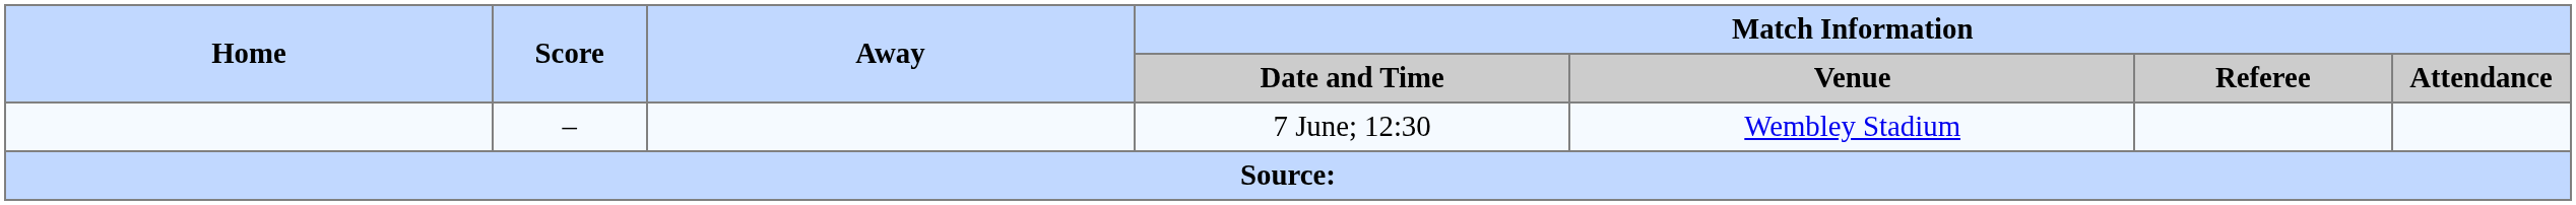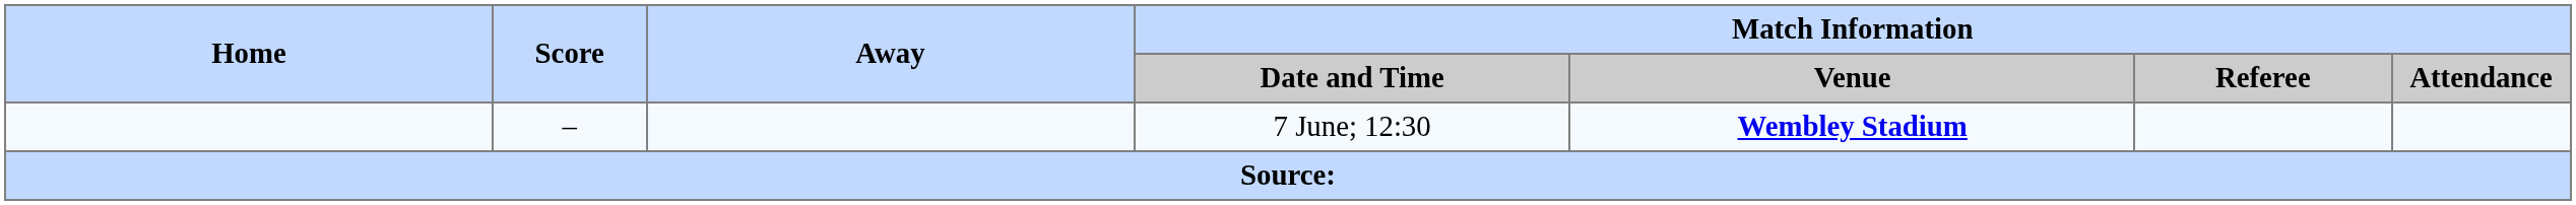 <table border=1 style="border-collapse:collapse; font-size:90%; text-align:center"; cellpadding=3 cellspacing=0 width=100%>
 <tr bgcolor="#c1d8ff">
 <th rowspan=2 width=19%>Home</th>
 <th rowspan=2 width=6%>Score</th>
 <th rowspan=2 width=19%>Away</th>
 <th colspan=4>Match Information</th>
 </tr>
 <tr bgcolor="#cccccc">
 <th width=17%>Date and Time</th>
 <th width=22%>Venue</th>
 <th width=10%>Referee</th>
 <th width=7%>Attendance</th>
 </tr>
 <tr bgcolor=#f5faff>
 <td></td>
 <td>–</td>
 <td></td>
 <td>7 June; 12:30</td>
-<td><a href='#'>Wembley Stadium</a></td>
+<td><strong><a href='#'>Wembley Stadium</a></strong></td>
 <td></td>
 <td></td>
 </tr>
 <tr style="background:#c1d8ff;">
 <th colspan=7>Source:</th>
 </tr>
 </table>
